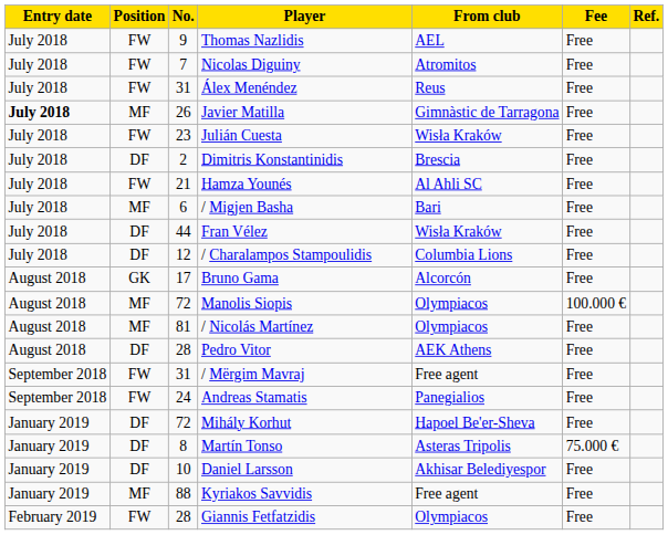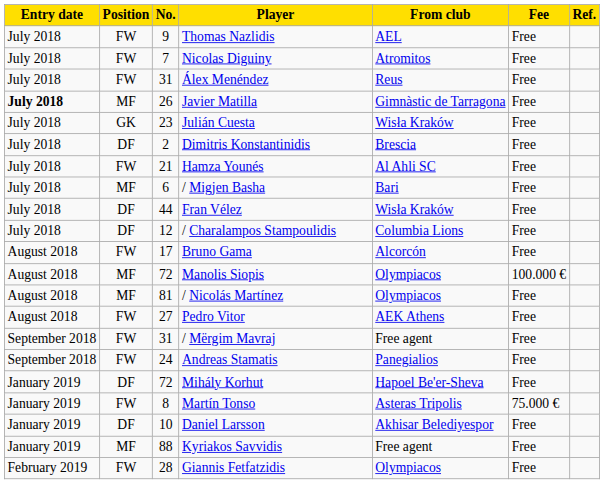 <table class="wikitable sortable">
 <tr>
 <th style="background:#FFDF00; color:black;"><strong>Entry date</strong></th>
 <th style="background:#FFDF00; color:black;"><strong>Position</strong></th>
 <th style="background:#FFDF00; color:black;"><strong>No.</strong></th>
 <th style="background:#FFDF00; color:black;"; width=220><strong>Player</strong></th>
 <th style="background:#FFDF00; color:black;"><strong>From club</strong></th>
 <th style="background:#FFDF00; color:black;"><strong>Fee</strong></th>
 <th style="background:#FFDF00; color:black;"><strong>Ref.</strong></th>
 </tr>
 <tr>
 <td>July 2018</td>
 <td style="text-align:center;">FW</td>
 <td style="text-align:center;">9</td>
 <td style="text=align:left;"> <a href='#'>Thomas Nazlidis</a></td>
 <td style="text=align:left;"> <a href='#'>AEL</a></td>
 <td>Free</td>
 <td></td>
 </tr>
 <tr>
 <td>July 2018</td>
 <td style="text-align:center;">FW</td>
 <td style="text-align:center;">7</td>
 <td style="text=align:left;"> <a href='#'>Nicolas Diguiny</a></td>
 <td style="text=align:left;"> <a href='#'>Atromitos</a></td>
 <td>Free</td>
 <td></td>
 </tr>
 <tr>
 <td>July 2018</td>
 <td style="text-align:center;">FW</td>
 <td style="text-align:center;">31</td>
 <td style="text=align:left;"> <a href='#'>Álex Menéndez</a></td>
 <td style="text=align:left;"> <a href='#'>Reus</a></td>
 <td>Free</td>
 <td></td>
 </tr>
 <tr>
 <td><strong>July 2018</strong></td>
 <td style="text-align:center;">MF</td>
 <td style="text-align:center;">26</td>
 <td style="text=align:left;"> <a href='#'>Javier Matilla</a></td>
 <td style="text=align:left;"> <a href='#'>Gimnàstic de Tarragona</a></td>
 <td>Free</td>
 <td></td>
 </tr>
 <tr>
 <td>July 2018</td>
-<td style="text-align:center;">FW</td>
+<td style="text-align:center;">GK</td>
 <td style="text-align:center;">23</td>
 <td style="text=align:left;"> <a href='#'>Julián Cuesta</a></td>
 <td style="text=align:left;"> <a href='#'>Wisła Kraków</a></td>
 <td>Free</td>
 <td></td>
 </tr>
 <tr>
 <td>July 2018</td>
 <td style="text-align:center;">DF</td>
 <td style="text-align:center;">2</td>
 <td style="text=align:left;"> <a href='#'>Dimitris Konstantinidis</a></td>
 <td style="text=align:left;"> <a href='#'>Brescia</a></td>
 <td>Free</td>
 <td></td>
 </tr>
 <tr>
 <td>July 2018</td>
 <td style="text-align:center;">FW</td>
 <td style="text-align:center;">21</td>
 <td style="text=align:left;"> <a href='#'>Hamza Younés</a></td>
 <td style="text=align:left;"> <a href='#'>Al Ahli SC</a></td>
 <td>Free</td>
 <td></td>
 </tr>
 <tr>
 <td>July 2018</td>
 <td style="text-align:center;">MF</td>
 <td style="text-align:center;">6</td>
 <td style="text=align:left;"> /  <a href='#'>Migjen Basha</a></td>
 <td style="text=align:left;"> <a href='#'>Bari</a></td>
 <td>Free</td>
 <td></td>
 </tr>
 <tr>
 <td>July 2018</td>
 <td style="text-align:center;">DF</td>
 <td style="text-align:center;">44</td>
 <td style="text=align:left;"> <a href='#'>Fran Vélez</a></td>
 <td style="text=align:left;"> <a href='#'>Wisła Kraków</a></td>
 <td>Free</td>
 <td></td>
 </tr>
 <tr>
 <td>July 2018</td>
 <td style="text-align:center;">DF</td>
 <td style="text-align:center;">12</td>
 <td style="text-align:left;"> /  <a href='#'>Charalampos Stampoulidis</a></td>
 <td style="text-align:left;"> <a href='#'>Columbia Lions</a></td>
 <td>Free</td>
 <td></td>
 </tr>
 <tr>
 <td>August 2018</td>
-<td style="text-align:center;">GK</td>
+<td style="text-align:center;">FW</td>
 <td style="text-align:center;">17</td>
 <td style="text=align:left;"> <a href='#'>Bruno Gama</a></td>
 <td style="text=align:left;"> <a href='#'>Alcorcón</a></td>
 <td>Free</td>
 <td></td>
 </tr>
 <tr>
 <td>August 2018</td>
 <td style="text-align:center;">MF</td>
 <td style="text-align:center;">72</td>
 <td style="text=align:left;"> <a href='#'>Manolis Siopis</a></td>
 <td style="text=align:left;"> <a href='#'>Olympiacos</a></td>
 <td>100.000 €</td>
 <td></td>
 </tr>
 <tr>
 <td>August 2018</td>
 <td style="text-align:center;">MF</td>
 <td style="text-align:center;">81</td>
 <td style="text=align:left;"> /  <a href='#'>Nicolás Martínez</a></td>
 <td style="text=align:left;"> <a href='#'>Olympiacos</a></td>
 <td>Free</td>
 <td></td>
 </tr>
 <tr>
 <td>August 2018</td>
-<td style="text-align:center;">DF</td>
-<td style="text-align:center;">28</td>
+<td style="text-align:center;">FW</td>
+<td style="text-align:center;">27</td>
 <td style="text=align:left;"> <a href='#'>Pedro Vitor</a></td>
 <td style="text=align:left;"> <a href='#'>AEK Athens</a></td>
 <td>Free</td>
 <td></td>
 </tr>
 <tr>
 <td>September 2018</td>
 <td style="text-align:center;">FW</td>
 <td style="text-align:center;">31</td>
 <td style="text=align:left;"> /  <a href='#'>Mërgim Mavraj</a></td>
 <td style="text=align:left;">Free agent</td>
 <td>Free</td>
 <td></td>
 </tr>
 <tr>
 <td>September 2018</td>
 <td style="text-align:center;">FW</td>
 <td style="text-align:center;">24</td>
 <td style="text=align:left;"> <a href='#'>Andreas Stamatis</a></td>
 <td style="text=align:left;"> <a href='#'>Panegialios</a></td>
 <td>Free</td>
 <td></td>
 </tr>
 <tr>
 <td>January 2019</td>
 <td style="text-align:center;">DF</td>
 <td style="text-align:center;">72</td>
 <td style="text=align:left;"> <a href='#'>Mihály Korhut</a></td>
 <td style="text=align:left;"> <a href='#'>Hapoel Be'er-Sheva</a></td>
 <td>Free</td>
 <td></td>
 </tr>
 <tr>
 <td>January 2019</td>
-<td style="text-align:center;">DF</td>
+<td style="text-align:center;">FW</td>
 <td style="text-align:center;">8</td>
 <td style="text=align:left;"> <a href='#'>Martín Tonso</a></td>
 <td style="text=align:left;"> <a href='#'>Asteras Tripolis</a></td>
 <td>75.000 €</td>
 <td></td>
 </tr>
 <tr>
 <td>January 2019</td>
 <td style="text-align:center;">DF</td>
 <td style="text-align:center;">10</td>
 <td style="text=align:left;"> <a href='#'>Daniel Larsson</a></td>
 <td style="text=align:left;"> <a href='#'>Akhisar Belediyespor</a></td>
 <td>Free</td>
 <td></td>
 </tr>
 <tr>
 <td>January 2019</td>
 <td style="text-align:center;">MF</td>
 <td style="text-align:center;">88</td>
 <td style="text=align:left;"> <a href='#'>Kyriakos Savvidis</a></td>
 <td>Free agent</td>
 <td>Free</td>
 <td></td>
 </tr>
 <tr>
 <td>February 2019</td>
 <td style="text-align:center;">FW</td>
 <td style="text-align:center;">28</td>
 <td style="text=align:left;"> <a href='#'>Giannis Fetfatzidis</a></td>
 <td style="text=align:left;"> <a href='#'>Olympiacos</a></td>
 <td>Free</td>
 <td></td>
 </tr>
 </table>
